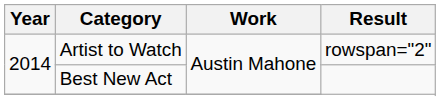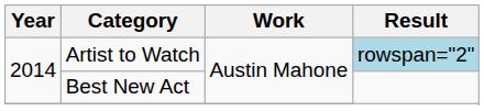 <table class="wikitable">
 <tr>
 <th>Year</th>
 <th>Category</th>
 <th>Work</th>
 <th>Result</th>
 </tr>
 <tr>
 <td rowspan="2">2014</td>
 <td>Artist to Watch</td>
 <td rowspan="2">Austin Mahone</td>
-<td>rowspan="2" </td>
+<td style="background: lightblue;">rowspan="2" </td>
 </tr>
 <tr>
 <td>Best New Act</td>
 </tr>
 <tr>
 </tr>
 </table>
